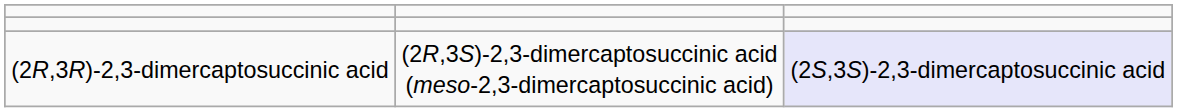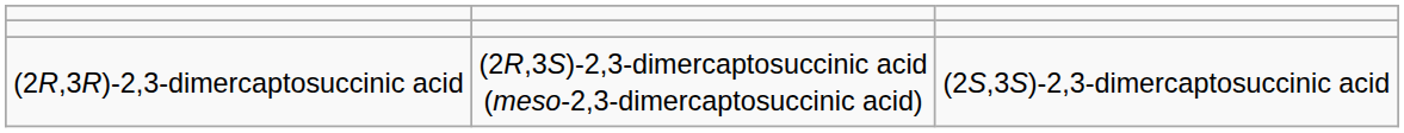 <table class="wikitable" style="text-align:center;">
 <tr>
 <td></td>
 <td></td>
 <td></td>
 </tr>
 <tr>
 <td></td>
 <td></td>
 <td></td>
 </tr>
 <tr>
 <td><small>(2<em>R</em>,3<em>R</em>)-2,3-dimercaptosuccinic acid</small></td>
 <td><small>(2<em>R</em>,3<em>S</em>)-2,3-dimercaptosuccinic acid<br>(<em>meso</em>-2,3-dimercaptosuccinic acid)</small></td>
-<td style="background: lavender;"><small>(2<em>S</em>,3<em>S</em>)-2,3-dimercaptosuccinic acid</small></td>
+<td><small>(2<em>S</em>,3<em>S</em>)-2,3-dimercaptosuccinic acid</small></td>
 </tr>
 </table>
